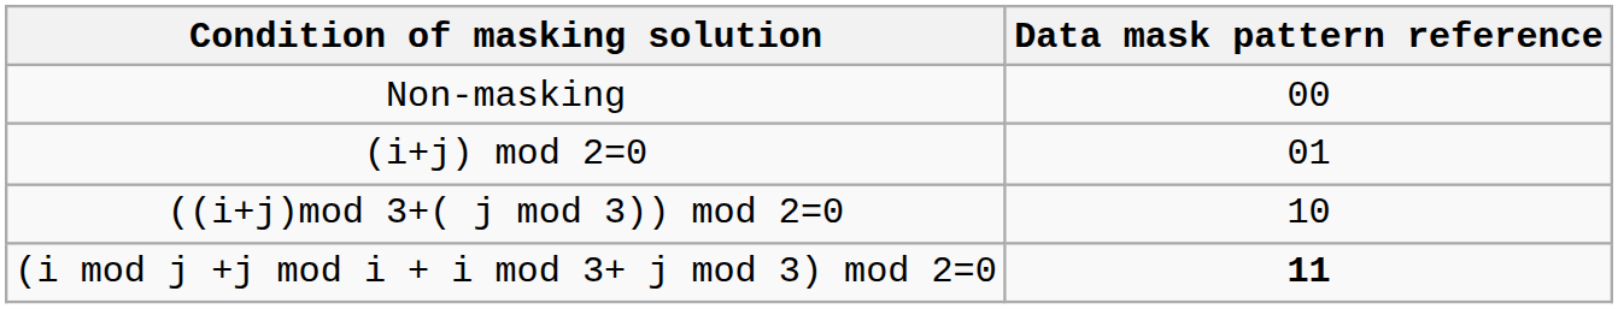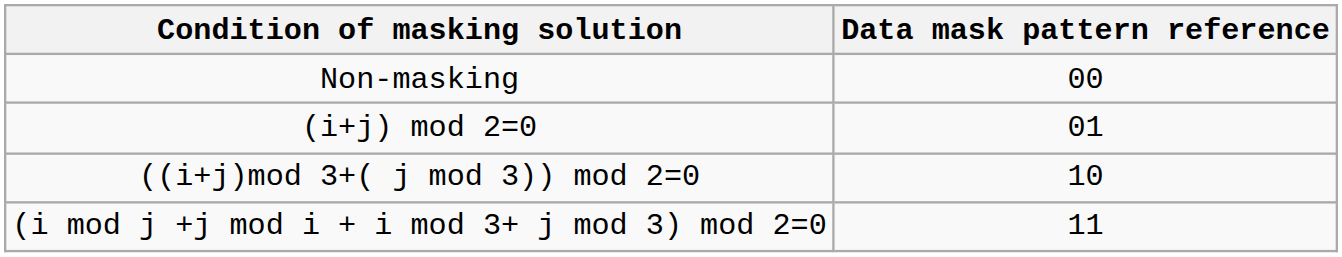 <table class="wikitable" border="1" style="text-align:center">
 <tr>
 <th>Condition of masking solution</th>
 <th>Data mask pattern reference</th>
 </tr>
 <tr>
 <td>Non-masking</td>
 <td>00</td>
 </tr>
 <tr>
 <td>(i+j) mod 2=0</td>
 <td>01</td>
 </tr>
 <tr>
 <td>((i+j)mod 3+( j mod 3)) mod 2=0</td>
 <td>10</td>
 </tr>
 <tr>
 <td>(i mod j +j mod i + i mod 3+ j mod 3) mod 2=0</td>
-<td><strong>11</strong></td>
+<td>11</td>
 </tr>
 </table>
